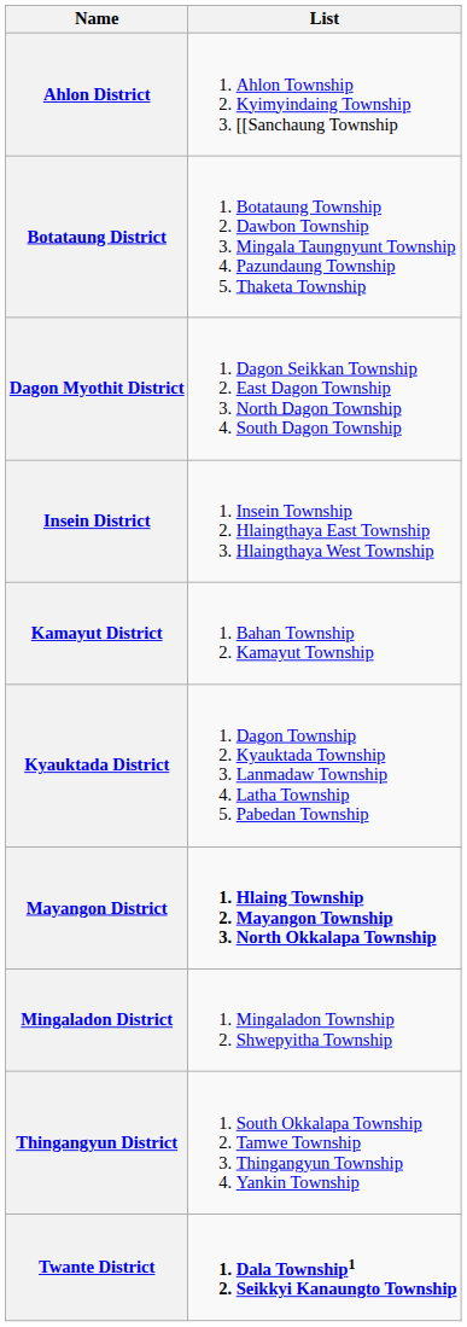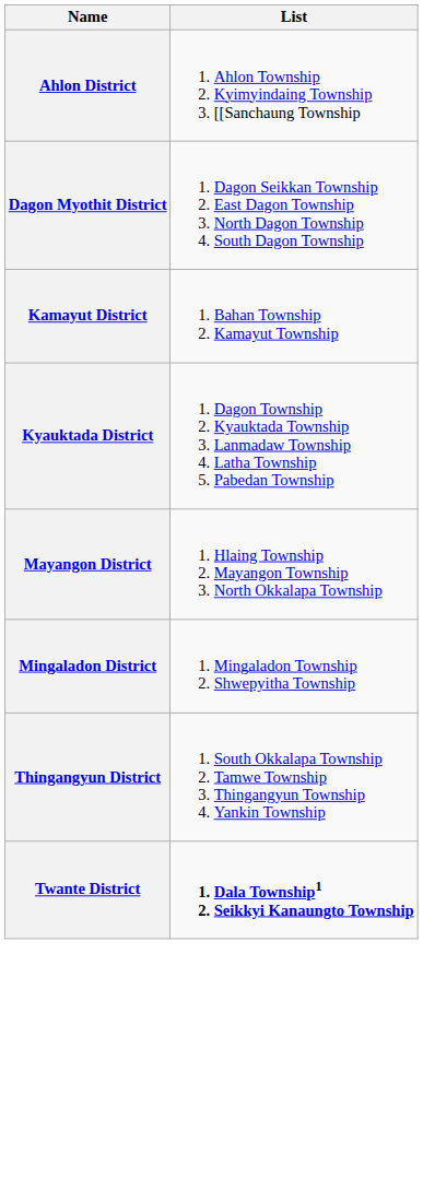 <table class=wikitable>
 <tr>
 <th>Name</th>
 <th>List</th>
 </tr>
 <tr>
 <th><a href='#'>Ahlon District</a></th>
 <td><br><ol><li><a href='#'>Ahlon Township</a></li><li><a href='#'>Kyimyindaing Township</a></li><li>[[Sanchaung Township</li></ol></td>
 </tr>
 <tr>
-<th><a href='#'>Botataung District</a></th>
-<td><br><ol><li><a href='#'>Botataung Township</a></li><li><a href='#'>Dawbon Township</a></li><li><a href='#'>Mingala Taungnyunt Township</a></li><li><a href='#'>Pazundaung Township</a></li><li><a href='#'>Thaketa Township</a></li></ol></td>
-</tr>
-<tr>
 <th><a href='#'>Dagon Myothit District</a></th>
 <td><br><ol><li><a href='#'>Dagon Seikkan Township</a></li><li><a href='#'>East Dagon Township</a></li><li><a href='#'>North Dagon Township</a></li><li><a href='#'>South Dagon Township</a></li></ol></td>
-</tr>
-<tr>
-<th><a href='#'>Insein District</a></th>
-<td><br><ol><li><a href='#'>Insein Township</a></li><li><a href='#'>Hlaingthaya East Township</a></li><li><a href='#'>Hlaingthaya West Township</a></li></ol></td>
 </tr>
 <tr>
 <th><a href='#'>Kamayut District</a></th>
 <td><br><ol><li><a href='#'>Bahan Township</a></li><li><a href='#'>Kamayut Township</a></li></ol></td>
 </tr>
 <tr>
 <th><a href='#'>Kyauktada District</a></th>
 <td><br><ol><li><a href='#'>Dagon Township</a></li><li><a href='#'>Kyauktada Township</a></li><li><a href='#'>Lanmadaw Township</a></li><li><a href='#'>Latha Township</a></li><li><a href='#'>Pabedan Township</a></li></ol></td>
 </tr>
 <tr>
 <th><a href='#'>Mayangon District</a></th>
-<td><strong><br><ol><li><a href='#'>Hlaing Township</a></li><li><a href='#'>Mayangon Township</a></li><li><a href='#'>North Okkalapa Township</a></li></ol></strong></td>
+<td><br><ol><li><a href='#'>Hlaing Township</a></li><li><a href='#'>Mayangon Township</a></li><li><a href='#'>North Okkalapa Township</a></li></ol></td>
 </tr>
 <tr>
 <th><a href='#'>Mingaladon District</a></th>
 <td><br><ol><li><a href='#'>Mingaladon Township</a></li><li><a href='#'>Shwepyitha Township</a></li></ol></td>
 </tr>
 <tr>
 <th><a href='#'>Thingangyun District</a></th>
 <td><br><ol><li><a href='#'>South Okkalapa Township</a></li><li><a href='#'>Tamwe Township</a></li><li><a href='#'>Thingangyun Township</a></li><li><a href='#'>Yankin Township</a></li></ol></td>
 </tr>
 <tr>
 <th><a href='#'>Twante District</a></th>
 <td><strong><br><ol><li><a href='#'>Dala Township</a><sup>1</sup></li><li><a href='#'>Seikkyi Kanaungto Township</a></li></ol></strong></td>
 </tr>
 </table>
